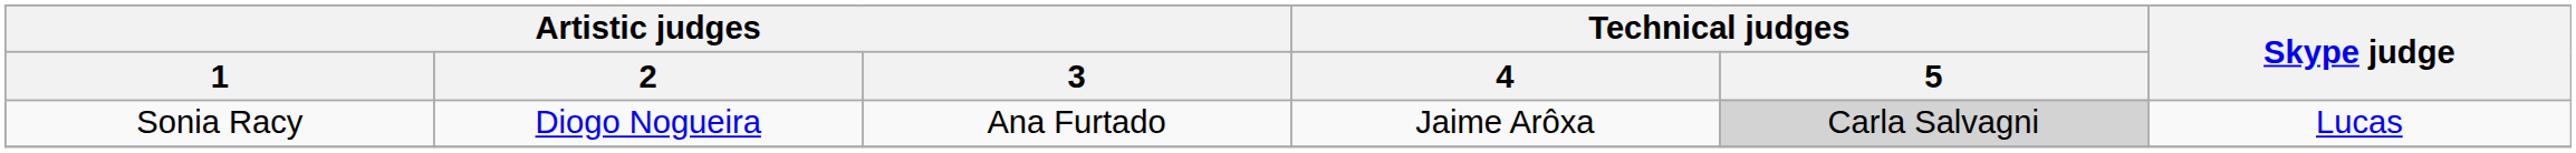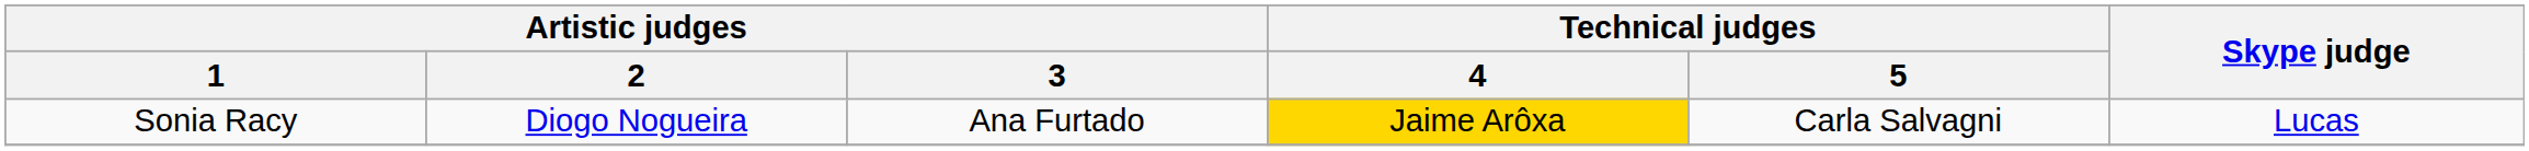 <table class="wikitable" style="font-size:100%; line-height:16px; text-align:center" width="100%">
 <tr>
 <th colspan=3 width="50.0%">Artistic judges</th>
 <th colspan=2 width="33.3%">Technical judges</th>
 <th rowspan=2 width="16.7%"><a href='#'>Skype</a> judge<br></th>
 </tr>
 <tr>
 <th width="16.7%">1</th>
 <th width="16.7%">2</th>
 <th width="16.7%">3</th>
 <th width="16.7%">4</th>
 <th width="16.7%">5</th>
 </tr>
 <tr>
 <td>Sonia Racy</td>
 <td><a href='#'>Diogo Nogueira</a></td>
 <td>Ana Furtado</td>
-<td>Jaime Arôxa</td>
-<td style="background: lightgrey;">Carla Salvagni</td>
+<td style="background: gold;">Jaime Arôxa</td>
+<td>Carla Salvagni</td>
 <td><a href='#'>Lucas</a></td>
 </tr>
 <tr>
 </tr>
 </table>
